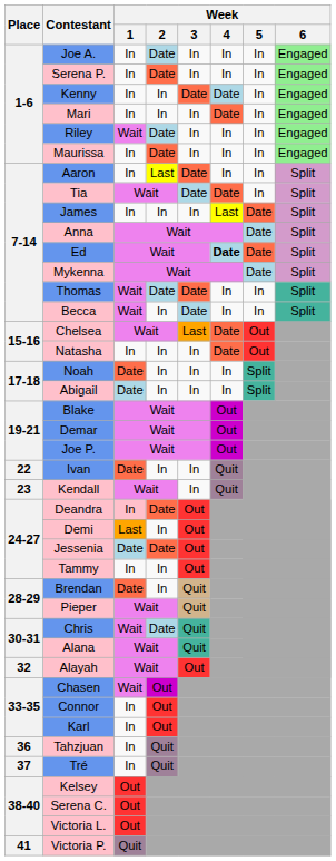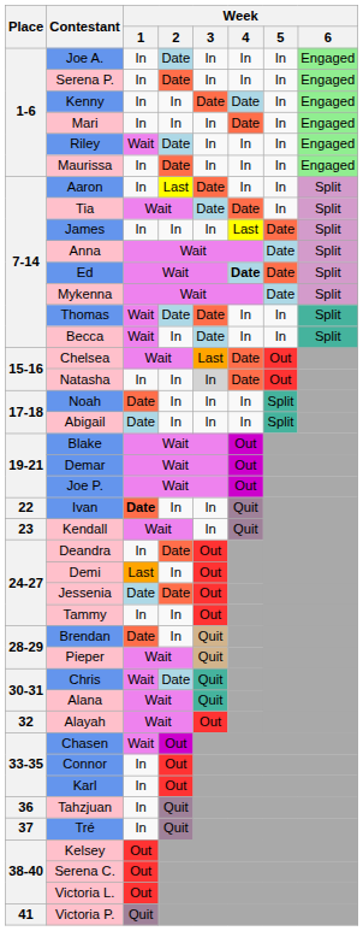 <table class="wikitable" style="text-align:center">
 <tr>
 <th rowspan="2">Place</th>
 <th rowspan="2">Contestant</th>
 <th colspan="6">Week</th>
 </tr>
 <tr>
 <th>1</th>
 <th>2</th>
 <th>3</th>
 <th>4</th>
 <th>5</th>
 <th>6</th>
 </tr>
 <tr>
 <th rowspan="6">1-6</th>
 <td bgcolor="#6495ED">Joe A.</td>
 <td>In</td>
 <td bgcolor="#ADD8E6">Date</td>
 <td>In</td>
 <td>In</td>
 <td>In</td>
 <td bgcolor="90EE90">Engaged</td>
 </tr>
 <tr>
 <td bgcolor="#FFC0CB">Serena P.</td>
 <td>In</td>
 <td bgcolor="#FF6E4A">Date</td>
 <td>In</td>
 <td>In</td>
 <td>In</td>
 <td bgcolor="90EE90">Engaged</td>
 </tr>
 <tr>
 <td bgcolor="#6495ED">Kenny</td>
 <td>In</td>
 <td>In</td>
 <td bgcolor="#FF6E4A">Date</td>
 <td bgcolor="#ADD8E6">Date</td>
 <td>In</td>
 <td bgcolor="90EE90">Engaged</td>
 </tr>
 <tr>
 <td bgcolor="#FFC0CB">Mari</td>
 <td>In</td>
 <td>In</td>
 <td>In</td>
 <td bgcolor="#FF6E4A">Date</td>
 <td>In</td>
 <td bgcolor="90EE90">Engaged</td>
 </tr>
 <tr>
 <td bgcolor="#6495ED">Riley</td>
 <td bgcolor="violet">Wait</td>
 <td bgcolor="#ADD8E6">Date</td>
 <td>In</td>
 <td>In</td>
 <td>In</td>
 <td bgcolor="90EE90">Engaged</td>
 </tr>
 <tr>
 <td bgcolor="#FFC0CB">Maurissa</td>
 <td>In</td>
 <td bgcolor="#FF6E4A">Date</td>
 <td>In</td>
 <td>In</td>
 <td>In</td>
 <td bgcolor="90EE90">Engaged</td>
 </tr>
 <tr>
 <th rowspan="8">7-14</th>
 <td bgcolor="#6495ED">Aaron</td>
 <td>In</td>
 <td bgcolor="#FFFF00">Last</td>
 <td bgcolor="#FF6E4A">Date</td>
 <td>In</td>
 <td>In</td>
 <td bgcolor="D39BCB">Split</td>
 </tr>
 <tr>
 <td bgcolor="#FFC0CB">Tia</td>
 <td colspan="2" bgcolor="violet">Wait</td>
 <td bgcolor="#ADD8E6">Date</td>
 <td bgcolor="#FF6E4A">Date</td>
 <td>In</td>
 <td bgcolor="D39BCB">Split</td>
 </tr>
 <tr>
 <td bgcolor="#6495ED">James</td>
 <td>In</td>
 <td>In</td>
 <td>In</td>
 <td bgcolor="#FFFF00">Last</td>
 <td bgcolor="#FF6E4A">Date</td>
 <td bgcolor="D39BCB">Split</td>
 </tr>
 <tr>
 <td bgcolor="#FFC0CB">Anna</td>
 <td colspan="4" bgcolor="violet">Wait</td>
 <td bgcolor="#ADD8E6">Date</td>
 <td bgcolor="D39BCB">Split</td>
 </tr>
 <tr>
 <td bgcolor="#6495ED">Ed</td>
 <td colspan="3" bgcolor="violet">Wait</td>
 <td bgcolor="#ADD8E6"><strong>Date</strong></td>
 <td bgcolor="#FF6E4A">Date</td>
 <td bgcolor="D39BCB">Split</td>
 </tr>
 <tr>
 <td bgcolor="#FFC0CB">Mykenna</td>
 <td colspan="4" bgcolor="violet">Wait</td>
 <td bgcolor="#ADD8E6">Date</td>
 <td bgcolor="D39BCB">Split</td>
 </tr>
 <tr>
 <td bgcolor="#6495ED">Thomas</td>
 <td bgcolor="violet">Wait</td>
 <td bgcolor="#ADD8E6">Date</td>
 <td bgcolor="#FF6E4A">Date</td>
 <td>In</td>
 <td>In</td>
 <td bgcolor=45B39D>Split</td>
 </tr>
 <tr>
 <td bgcolor="#FFC0CB">Becca</td>
 <td bgcolor="violet">Wait</td>
 <td>In</td>
 <td bgcolor="#ADD8E6">Date</td>
 <td>In</td>
 <td>In</td>
 <td bgcolor=45B39D>Split</td>
 </tr>
 <tr>
 <th rowspan="2">15-16</th>
 <td bgcolor="#FFC0CB">Chelsea</td>
 <td colspan="2" bgcolor="violet">Wait</td>
 <td bgcolor="#FFA500">Last</td>
 <td bgcolor="#FF6E4A">Date</td>
 <td bgcolor="#FF3333">Out</td>
 <td colspan="1" bgcolor="#A9A9A9"></td>
 </tr>
 <tr>
 <td bgcolor="#FFC0CB">Natasha</td>
 <td>In</td>
 <td>In</td>
-<td>In</td>
+<td style="background: lightgrey;">In</td>
 <td bgcolor="#FF6E4A">Date</td>
 <td bgcolor="#FF3333">Out</td>
 <td colspan="1" bgcolor="#A9A9A9"></td>
 </tr>
 <tr>
 <th rowspan="2">17-18</th>
 <td bgcolor="#6495ED">Noah</td>
 <td bgcolor="#FF6E4A">Date</td>
 <td>In</td>
 <td>In</td>
 <td>In</td>
 <td bgcolor=45B39D>Split</td>
 <td colspan="1" bgcolor="#A9A9A9"></td>
 </tr>
 <tr>
 <td bgcolor="#FFC0CB">Abigail</td>
 <td bgcolor="#ADD8E6">Date</td>
 <td>In</td>
 <td>In</td>
 <td>In</td>
 <td bgcolor=45B39D>Split</td>
 <td colspan="1" bgcolor="#A9A9A9"></td>
 </tr>
 <tr>
 <th rowspan="3">19-21</th>
 <td bgcolor="#6495ED">Blake</td>
 <td colspan="3" bgcolor="violet">Wait</td>
 <td bgcolor="#CC00CC">Out</td>
 <td colspan="2" bgcolor="#A9A9A9"></td>
 </tr>
 <tr>
 <td bgcolor="#6495ED">Demar</td>
 <td colspan="3" bgcolor="violet">Wait</td>
 <td bgcolor="#CC00CC">Out</td>
 <td colspan="2" bgcolor="#A9A9A9"></td>
 </tr>
 <tr>
 <td bgcolor="#6495ED">Joe P.</td>
 <td colspan="3" bgcolor="violet">Wait</td>
 <td bgcolor="#CC00CC">Out</td>
 <td colspan="2" bgcolor="#A9A9A9"></td>
 </tr>
 <tr>
 <th rowspan="">22</th>
 <td bgcolor="#6495ED">Ivan</td>
-<td bgcolor="#FF6E4A">Date</td>
+<td bgcolor="#FF6E4A"><strong>Date</strong></td>
 <td>In</td>
 <td>In</td>
 <td bgcolor=#9F8199>Quit</td>
 <td colspan="2" bgcolor="#A9A9A9"></td>
 </tr>
 <tr>
 <th rowspan="">23</th>
 <td bgcolor="#FFC0CB">Kendall</td>
 <td colspan="2" bgcolor="violet">Wait</td>
 <td>In</td>
 <td bgcolor=#9F8199>Quit</td>
 <td colspan="2" rowspan="10" bgcolor="#A9A9A9"></td>
 </tr>
 <tr>
 <th rowspan="4">24-27</th>
 <td bgcolor="#FFC0CB">Deandra</td>
-<td style="background: pink;">In</td>
+<td>In</td>
 <td bgcolor="#FF6E4A">Date</td>
 <td bgcolor=#FF3333>Out</td>
 <td colspan="3" bgcolor="#A9A9A9"></td>
 </tr>
 <tr>
 <td bgcolor="#FFC0CB">Demi</td>
 <td bgcolor="#FFA500">Last</td>
 <td>In</td>
 <td bgcolor=#FF3333>Out</td>
 <td colspan="3" bgcolor="#A9A9A9"></td>
 </tr>
 <tr>
 <td bgcolor="#FFC0CB">Jessenia</td>
 <td bgcolor="#ADD8E6">Date</td>
 <td bgcolor="#FF6E4A">Date</td>
 <td bgcolor=#FF3333>Out</td>
 <td colspan="3" bgcolor="#A9A9A9"></td>
 </tr>
 <tr>
 <td bgcolor="#FFC0CB">Tammy</td>
 <td>In</td>
 <td>In</td>
 <td bgcolor=#FF3333>Out</td>
 <td colspan="3" bgcolor="#A9A9A9"></td>
 </tr>
 <tr>
 <th rowspan="2">28-29</th>
 <td bgcolor="#6495ED">Brendan</td>
 <td bgcolor= #FF6E4A>Date</td>
 <td>In</td>
 <td bgcolor="tan">Quit</td>
 <td colspan="3" bgcolor="#A9A9A9"></td>
 </tr>
 <tr>
 <td bgcolor="#FFC0CB">Pieper</td>
 <td bgcolor= "violet" colspan="2">Wait</td>
 <td bgcolor="tan">Quit</td>
 <td colspan="3" bgcolor="#A9A9A9"></td>
 </tr>
 <tr>
 <th rowspan="2">30-31</th>
 <td bgcolor="#6495ED">Chris</td>
 <td bgcolor= "violet">Wait</td>
 <td bgcolor= #ADD8E6>Date</td>
 <td bgcolor="#45B39D">Quit</td>
 <td colspan="3" bgcolor="#A9A9A9"></td>
 </tr>
 <tr>
 <td bgcolor="#FFC0CB">Alana</td>
 <td bgcolor= "violet" colspan="2">Wait</td>
 <td bgcolor="#45B39D">Quit</td>
 <td colspan="3" bgcolor="#A9A9A9"></td>
 </tr>
 <tr>
 <th rowspan=>32</th>
 <td bgcolor="#FFC0CB">Alayah</td>
 <td colspan="2" bgcolor="violet">Wait</td>
 <td bgcolor=#FF3333>Out</td>
 <td colspan="3" bgcolor="#A9A9A9"></td>
 </tr>
 <tr>
 <th rowspan="3">33-35</th>
 <td bgcolor="#6495ED">Chasen</td>
 <td bgcolor="violet">Wait</td>
 <td bgcolor="#CC00CC">Out</td>
 <td colspan="4" bgcolor="#A9A9A9"></td>
 </tr>
 <tr>
 <td bgcolor="#6495ED">Connor</td>
 <td>In</td>
 <td bgcolor=#FF3333>Out</td>
 <td colspan="4" bgcolor="#A9A9A9"></td>
 </tr>
 <tr>
 <td bgcolor="#6495ED">Karl</td>
 <td>In</td>
 <td bgcolor=#FF3333>Out</td>
 <td colspan="4" bgcolor="#A9A9A9"></td>
 </tr>
 <tr>
 <th rowspan=>36</th>
 <td bgcolor="#FFC0CB">Tahzjuan</td>
 <td>In</td>
 <td bgcolor=#9F8199>Quit</td>
 <td colspan="4" bgcolor="#A9A9A9"></td>
 </tr>
 <tr>
 <th rowspan=>37</th>
 <td bgcolor="#6495ED">Tré</td>
 <td>In</td>
 <td bgcolor=#9F8199>Quit</td>
 <td colspan="4" bgcolor="#A9A9A9"></td>
 </tr>
 <tr>
 <th rowspan="3">38-40</th>
 <td bgcolor="#FFC0CB">Kelsey</td>
 <td bgcolor=#FF3333>Out</td>
 <td colspan="5" bgcolor="#A9A9A9"></td>
 </tr>
 <tr>
 <td bgcolor="#FFC0CB">Serena C.</td>
 <td bgcolor=#FF3333>Out</td>
 <td colspan="5" bgcolor="#A9A9A9"></td>
 </tr>
 <tr>
 <td bgcolor="#FFC0CB">Victoria L.</td>
 <td bgcolor=#FF3333>Out</td>
 <td colspan="5" bgcolor="#A9A9A9"></td>
 </tr>
 <tr>
 <th rowspan=>41</th>
 <td bgcolor="#FFC0CB">Victoria P.</td>
 <td bgcolor=#9F8199>Quit</td>
 <td colspan="5" bgcolor="#A9A9A9"></td>
 </tr>
 </table>
